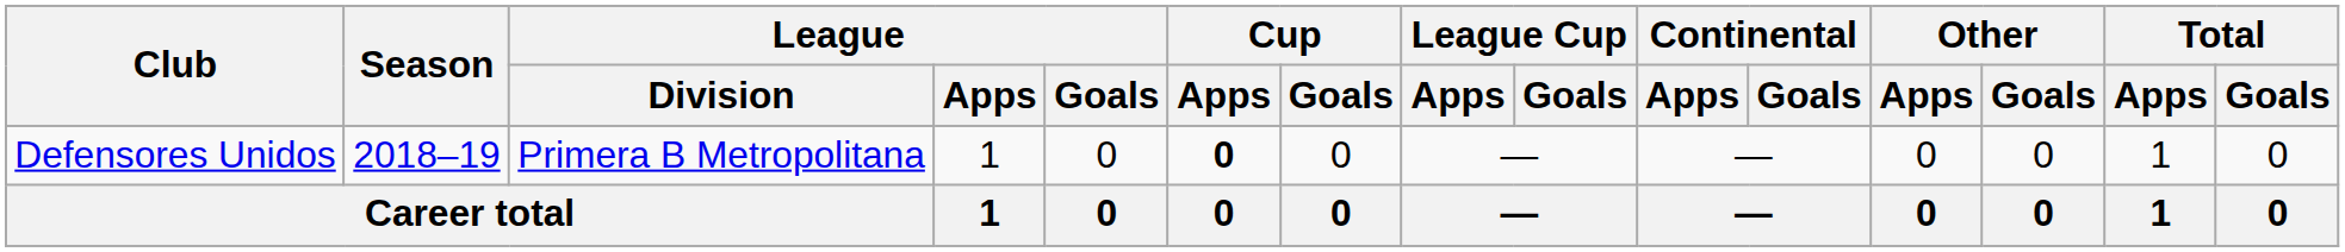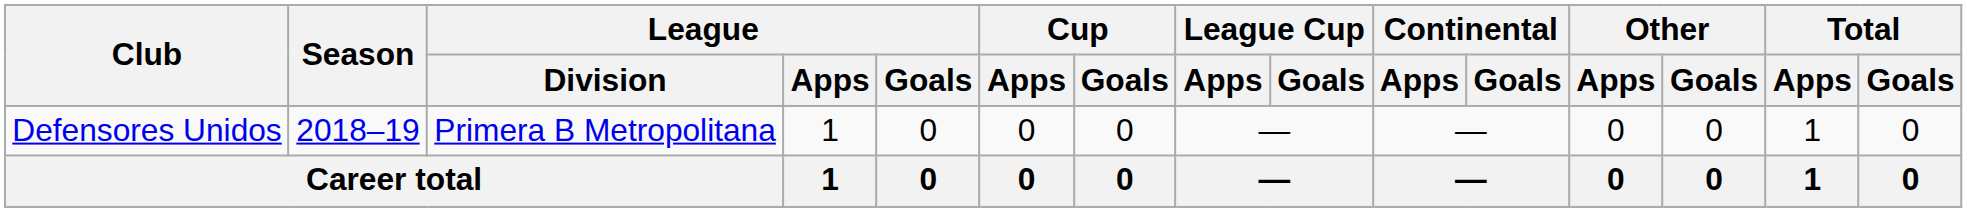 <table class="wikitable" style="text-align:center">
 <tr>
 <th rowspan="2">Club</th>
 <th rowspan="2">Season</th>
 <th colspan="3">League</th>
 <th colspan="2">Cup</th>
 <th colspan="2">League Cup</th>
 <th colspan="2">Continental</th>
 <th colspan="2">Other</th>
 <th colspan="2">Total</th>
 </tr>
 <tr>
 <th>Division</th>
 <th>Apps</th>
 <th>Goals</th>
 <th>Apps</th>
 <th>Goals</th>
 <th>Apps</th>
 <th>Goals</th>
 <th>Apps</th>
 <th>Goals</th>
 <th>Apps</th>
 <th>Goals</th>
 <th>Apps</th>
 <th>Goals</th>
 </tr>
 <tr>
 <td rowspan="1"><a href='#'>Defensores Unidos</a></td>
 <td><a href='#'>2018–19</a></td>
 <td rowspan="1"><a href='#'>Primera B Metropolitana</a></td>
 <td>1</td>
 <td>0</td>
-<td><strong>0</strong></td>
+<td>0</td>
 <td>0</td>
 <td colspan="2">—</td>
 <td colspan="2">—</td>
 <td>0</td>
 <td>0</td>
 <td>1</td>
 <td>0</td>
 </tr>
 <tr>
 <th colspan="3">Career total</th>
 <th>1</th>
 <th>0</th>
 <th>0</th>
 <th>0</th>
 <th colspan="2">—</th>
 <th colspan="2">—</th>
 <th>0</th>
 <th>0</th>
 <th>1</th>
 <th>0</th>
 </tr>
 </table>
